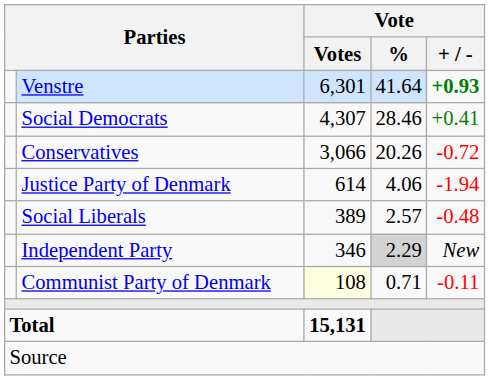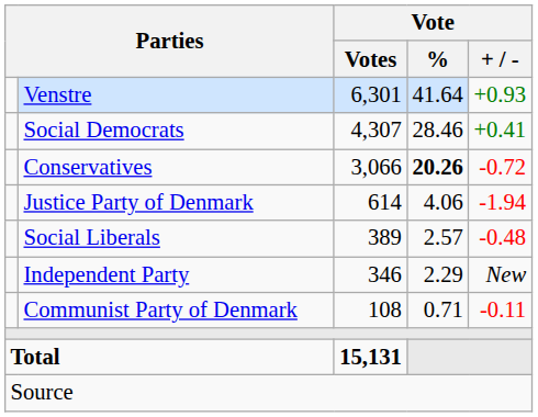 <table class="wikitable" style="text-align:right;">
 <tr>
 <th style="text-align:centre;" rowspan="2" colspan="2" width="225">Parties</th>
 <th colspan="3">Vote</th>
 </tr>
 <tr>
 <th width="15">Votes</th>
 <th width="15">%</th>
 <th width="15">+ / -</th>
 </tr>
 <tr>
 <td width="2" style="color:inherit;background:"></td>
 <td bgcolor=#cfe5fe  align="left"><a href='#'>Venstre</a></td>
 <td bgcolor=#cfe5fe>6,301</td>
 <td bgcolor=#cfe5fe>41.64</td>
-<td style=color:green;><strong>+0.93</strong></td>
+<td style=color:green;>+0.93</td>
 </tr>
 <tr>
 <td width="2" style="color:inherit;background:"></td>
 <td align="left"><a href='#'>Social Democrats</a></td>
 <td>4,307</td>
 <td>28.46</td>
 <td style=color:green;>+0.41</td>
 </tr>
 <tr>
 <td width="2" style="color:inherit;background:"></td>
 <td align="left"><a href='#'>Conservatives</a></td>
 <td>3,066</td>
-<td>20.26</td>
+<td><strong>20.26</strong></td>
 <td style=color:red;>-0.72</td>
 </tr>
 <tr>
 <td width="2" style="color:inherit;background:"></td>
 <td align="left"><a href='#'>Justice Party of Denmark</a></td>
 <td>614</td>
 <td>4.06</td>
 <td style=color:red;>-1.94</td>
 </tr>
 <tr>
 <td width="2" style="color:inherit;background:"></td>
 <td align="left"><a href='#'>Social Liberals</a></td>
 <td>389</td>
 <td>2.57</td>
 <td style=color:red;>-0.48</td>
 </tr>
 <tr>
 <td width="2" style="color:inherit;background:"></td>
 <td align="left"><a href='#'>Independent Party</a></td>
 <td>346</td>
-<td style="background: lightgrey;">2.29</td>
+<td>2.29</td>
 <td><em>New</em></td>
 </tr>
 <tr>
 <td width="2" style="color:inherit;background:"></td>
 <td align="left"><a href='#'>Communist Party of Denmark</a></td>
-<td style="background: lightyellow;">108</td>
+<td>108</td>
 <td>0.71</td>
 <td style=color:red;>-0.11</td>
 </tr>
 <tr>
 <td colspan="7" bgcolor="#E9E9E9"></td>
 </tr>
 <tr>
 <td align="left" colspan="2"><strong>Total</strong></td>
 <td><strong>15,131</strong></td>
 <td bgcolor="#E9E9E9" colspan="2"></td>
 </tr>
 <tr>
 <td align="left" colspan="6">Source</td>
 </tr>
 </table>
